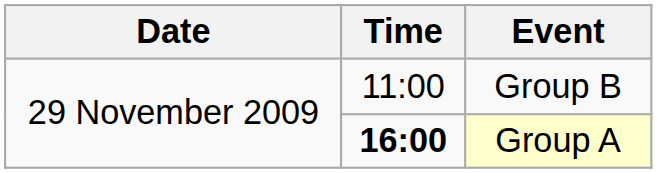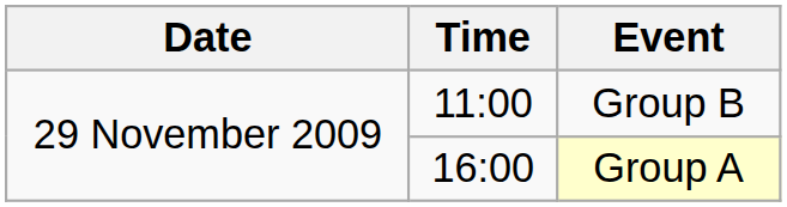 <table class = "wikitable" style="text-align:center;">
 <tr>
 <th width=150>Date</th>
 <th width=50>Time</th>
 <th width=80>Event</th>
 </tr>
 <tr>
 <td rowspan=2>29 November 2009</td>
 <td>11:00</td>
 <td>Group B</td>
 </tr>
 <tr>
-<td><strong>16:00</strong></td>
+<td>16:00</td>
 <td bgcolor=ffffcc>Group A</td>
 </tr>
 </table>
